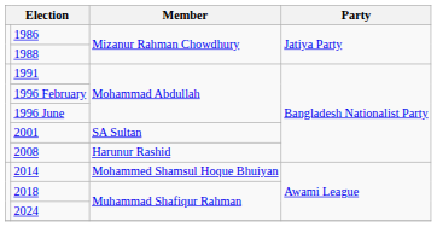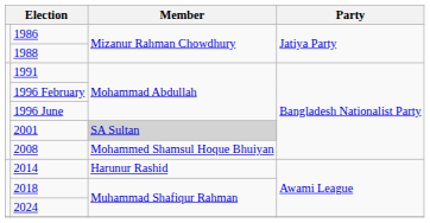 <table class="wikitable">
 <tr>
 <th colspan="2">Election</th>
 <th>Member</th>
 <th>Party</th>
 </tr>
 <tr>
 <td rowspan="2" style="background-color:"></td>
 <td><a href='#'>1986</a></td>
 <td rowspan="2"><a href='#'>Mizanur Rahman Chowdhury</a></td>
 <td rowspan="2"><a href='#'>Jatiya Party</a></td>
 </tr>
 <tr>
 <td><a href='#'>1988</a></td>
 </tr>
 <tr>
 <td rowspan="5" style="background-color:"></td>
 <td><a href='#'>1991</a></td>
 <td rowspan="3"><a href='#'>Mohammad Abdullah</a></td>
 <td rowspan="5"><a href='#'>Bangladesh Nationalist Party</a></td>
 </tr>
 <tr>
 <td><a href='#'>1996 February</a></td>
 </tr>
 <tr>
 <td><a href='#'>1996 June</a></td>
 </tr>
 <tr>
 <td><a href='#'>2001</a></td>
-<td><a href='#'>SA Sultan</a></td>
+<td style="background: lightgrey;"><a href='#'>SA Sultan</a></td>
 </tr>
 <tr>
 <td><a href='#'>2008</a></td>
-<td><a href='#'>Harunur Rashid</a></td>
+<td><a href='#'>Mohammed Shamsul Hoque Bhuiyan</a></td>
 </tr>
 <tr>
 <td rowspan="3" style="background-color:"></td>
 <td><a href='#'>2014</a></td>
-<td><a href='#'>Mohammed Shamsul Hoque Bhuiyan</a></td>
+<td><a href='#'>Harunur Rashid</a></td>
 <td rowspan="3"><a href='#'>Awami League</a></td>
 </tr>
 <tr>
 <td><a href='#'>2018</a></td>
 <td rowspan="2"><a href='#'>Muhammad Shafiqur Rahman</a></td>
 </tr>
 <tr>
 <td><a href='#'>2024</a></td>
 </tr>
 <tr>
 </tr>
 </table>
